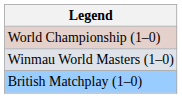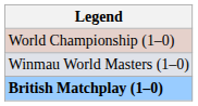 <table class="wikitable">
 <tr>
 <th>Legend</th>
 </tr>
 <tr style="background:#e5d1cb;">
 <td>World Championship (1–0)</td>
 </tr>
 <tr style="background:#dfe2e9;">
 <td>Winmau World Masters (1–0)</td>
 </tr>
 <tr style="background:#9cf;">
-<td>British Matchplay (1–0)</td>
+<td><strong>British Matchplay (1–0)</strong></td>
 </tr>
 </table>
